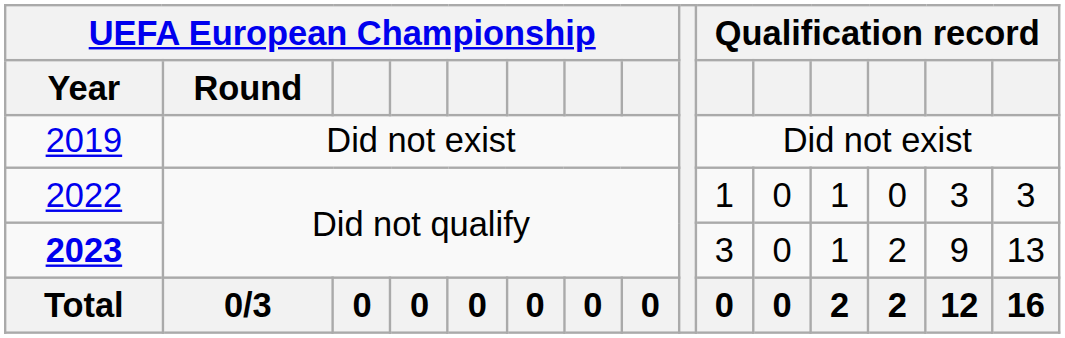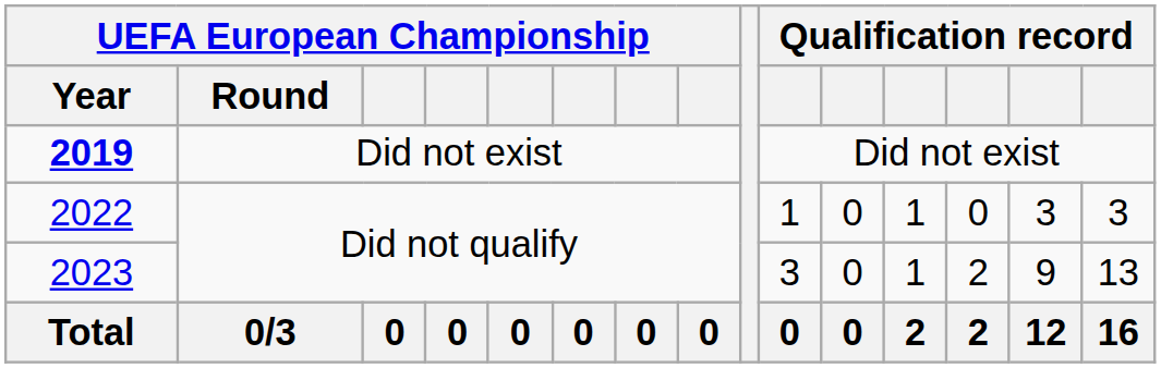 <table class="wikitable" width=50% style="text-align: center;font-size:90%;">
 <tr>
 <th colspan=8><a href='#'>UEFA European Championship</a></th>
 <th width=1% rowspan=20></th>
 <th colspan=8>Qualification record</th>
 </tr>
 <tr>
 <th width=80>Year</th>
 <th width=80>Round</th>
 <th width=25></th>
 <th width=25></th>
 <th width=25></th>
 <th width=25></th>
 <th width=25></th>
 <th width=25></th>
 <th width=25></th>
 <th width=25></th>
 <th width=25></th>
 <th width=25></th>
 <th width=25></th>
 <th width=25></th>
 </tr>
 <tr>
-<td> <a href='#'>2019</a></td>
+<td><strong> <a href='#'>2019</a></strong></td>
 <td colspan=7>Did not exist</td>
 <td colspan=7>Did not exist</td>
 </tr>
 <tr>
 <td> <a href='#'>2022</a></td>
 <td colspan=7 rowspan=2>Did not qualify</td>
 <td>1</td>
 <td>0</td>
 <td>1</td>
 <td>0</td>
 <td>3</td>
 <td>3</td>
 </tr>
 <tr>
-<td><strong> <a href='#'>2023</a></strong></td>
+<td> <a href='#'>2023</a></td>
 <td>3</td>
 <td>0</td>
 <td>1</td>
 <td>2</td>
 <td>9</td>
 <td>13</td>
 </tr>
 <tr>
 <th>Total</th>
 <th>0/3</th>
 <th>0</th>
 <th>0</th>
 <th>0</th>
 <th>0</th>
 <th>0</th>
 <th>0</th>
 <th>0</th>
 <th>0</th>
 <th>2</th>
 <th>2</th>
 <th>12</th>
 <th>16</th>
 </tr>
 </table>
